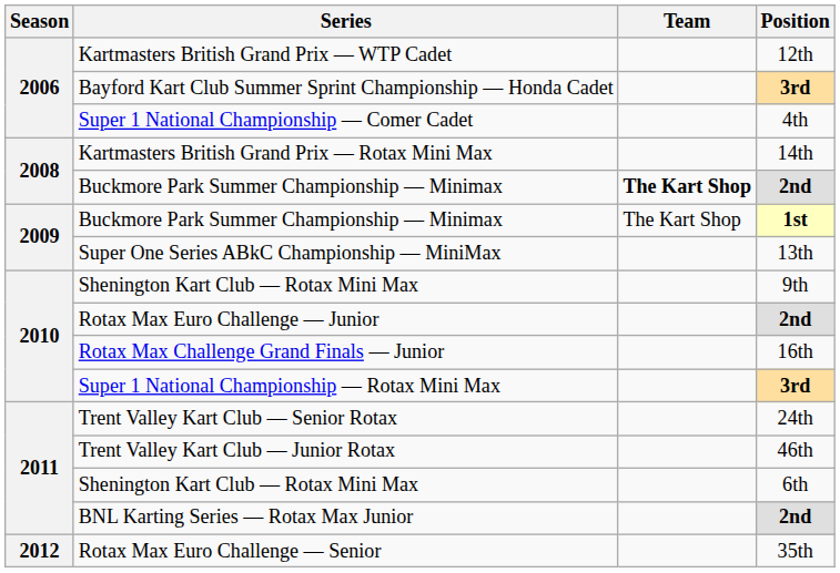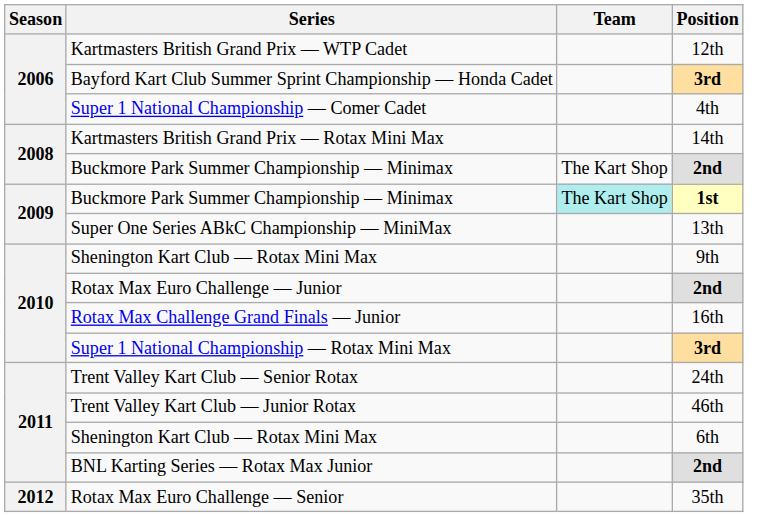 <table class="wikitable" style="font-size: 85%; text-align:center">
 <tr>
 <th>Season</th>
 <th>Series</th>
 <th>Team</th>
 <th>Position</th>
 </tr>
 <tr>
 <th rowspan="3">2006</th>
 <td align="left">Kartmasters British Grand Prix — WTP Cadet</td>
 <td align="left"></td>
 <td>12th</td>
 </tr>
 <tr>
 <td align="left">Bayford Kart Club Summer Sprint Championship — Honda Cadet</td>
 <td align="left"></td>
 <td style="background:#FFDF9F;"><strong>3rd</strong></td>
 </tr>
 <tr>
 <td align="left"><a href='#'>Super 1 National Championship</a> — Comer Cadet</td>
 <td align="left"></td>
 <td>4th</td>
 </tr>
 <tr>
 <th rowspan="2">2008</th>
 <td align="left">Kartmasters British Grand Prix — Rotax Mini Max</td>
 <td align="left"></td>
 <td>14th</td>
 </tr>
 <tr>
 <td align="left">Buckmore Park Summer Championship — Minimax</td>
-<td align="left"><strong>The Kart Shop</strong></td>
+<td align="left">The Kart Shop</td>
 <td style="background:#DFDFDF;"><strong>2nd</strong></td>
 </tr>
 <tr>
 <th rowspan="2">2009</th>
 <td align="left">Buckmore Park Summer Championship — Minimax</td>
-<td align="left">The Kart Shop</td>
+<td align="left" style="background: paleturquoise;">The Kart Shop</td>
 <td style="background:#FFFFBF;"><strong>1st</strong></td>
 </tr>
 <tr>
 <td align="left">Super One Series ABkC Championship — MiniMax</td>
 <td align="left"></td>
 <td>13th</td>
 </tr>
 <tr>
 <th rowspan="4">2010</th>
 <td align="left">Shenington Kart Club — Rotax Mini Max</td>
 <td align="left"></td>
 <td>9th</td>
 </tr>
 <tr>
 <td align="left">Rotax Max Euro Challenge — Junior</td>
 <td align="left"></td>
 <td style="background:#DFDFDF;"><strong>2nd</strong></td>
 </tr>
 <tr>
 <td align="left"><a href='#'>Rotax Max Challenge Grand Finals</a> — Junior</td>
 <td align="left"></td>
 <td>16th</td>
 </tr>
 <tr>
 <td align="left"><a href='#'>Super 1 National Championship</a> — Rotax Mini Max</td>
 <td align="left"></td>
 <td style="background:#FFDF9F;"><strong>3rd</strong></td>
 </tr>
 <tr>
 <th rowspan="4">2011</th>
 <td align="left">Trent Valley Kart Club — Senior Rotax</td>
 <td align="left"></td>
 <td>24th</td>
 </tr>
 <tr>
 <td align="left">Trent Valley Kart Club — Junior Rotax</td>
 <td align="left"></td>
 <td>46th</td>
 </tr>
 <tr>
 <td align="left">Shenington Kart Club — Rotax Mini Max</td>
 <td align="left"></td>
 <td>6th</td>
 </tr>
 <tr>
 <td align="left">BNL Karting Series — Rotax Max Junior</td>
 <td></td>
 <td style="background:#DFDFDF;"><strong>2nd</strong></td>
 </tr>
 <tr>
 <th>2012</th>
 <td align="left">Rotax Max Euro Challenge — Senior</td>
 <td align="left"></td>
 <td>35th</td>
 </tr>
 </table>
